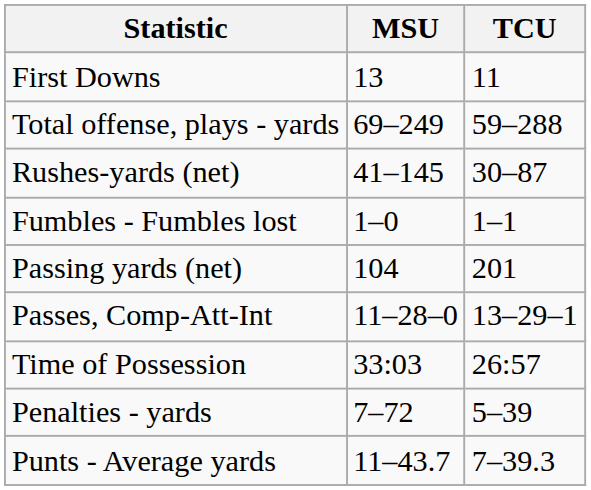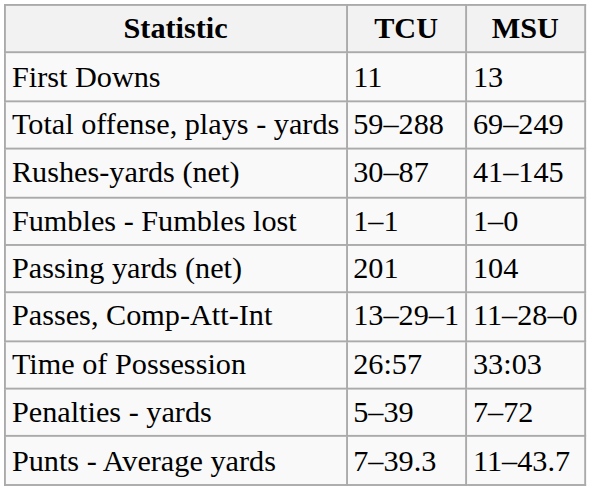 <table class="wikitable">
 <tr>
 <th>Statistic</th>
+<th><strong>TCU</strong></th>
 <th><strong>MSU</strong></th>
-<th><strong>TCU</strong></th>
 </tr>
 <tr>
 <td>First Downs</td>
+<td>11</td>
 <td>13</td>
-<td>11</td>
 </tr>
 <tr>
 <td>Total offense, plays - yards</td>
+<td>59–288</td>
 <td>69–249</td>
-<td>59–288</td>
 </tr>
 <tr>
 <td>Rushes-yards (net)</td>
+<td>30–87</td>
 <td>41–145</td>
-<td>30–87</td>
 </tr>
 <tr>
 <td>Fumbles - Fumbles lost</td>
+<td>1–1</td>
 <td>1–0</td>
-<td>1–1</td>
 </tr>
 <tr>
 <td>Passing yards (net)</td>
+<td>201</td>
 <td>104</td>
-<td>201</td>
 </tr>
 <tr>
 <td>Passes, Comp-Att-Int</td>
+<td>13–29–1</td>
 <td>11–28–0</td>
-<td>13–29–1</td>
 </tr>
 <tr>
 <td>Time of Possession</td>
+<td>26:57</td>
 <td>33:03</td>
-<td>26:57</td>
 </tr>
 <tr>
 <td>Penalties - yards</td>
+<td>5–39</td>
 <td>7–72</td>
-<td>5–39</td>
 </tr>
 <tr>
 <td>Punts - Average yards</td>
+<td>7–39.3</td>
 <td>11–43.7</td>
-<td>7–39.3</td>
 </tr>
 </table>
